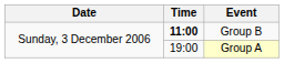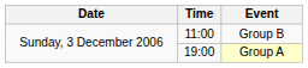 <table class = "wikitable" style="text-align:center;">
 <tr>
 <th width=220>Date</th>
 <th width=50>Time</th>
 <th width=100>Event</th>
 </tr>
 <tr>
 <td rowspan=2>Sunday, 3 December 2006</td>
-<td><strong>11:00</strong></td>
+<td>11:00</td>
 <td>Group B</td>
 </tr>
 <tr>
 <td>19:00</td>
 <td bgcolor=ffffcc>Group A</td>
 </tr>
 </table>
